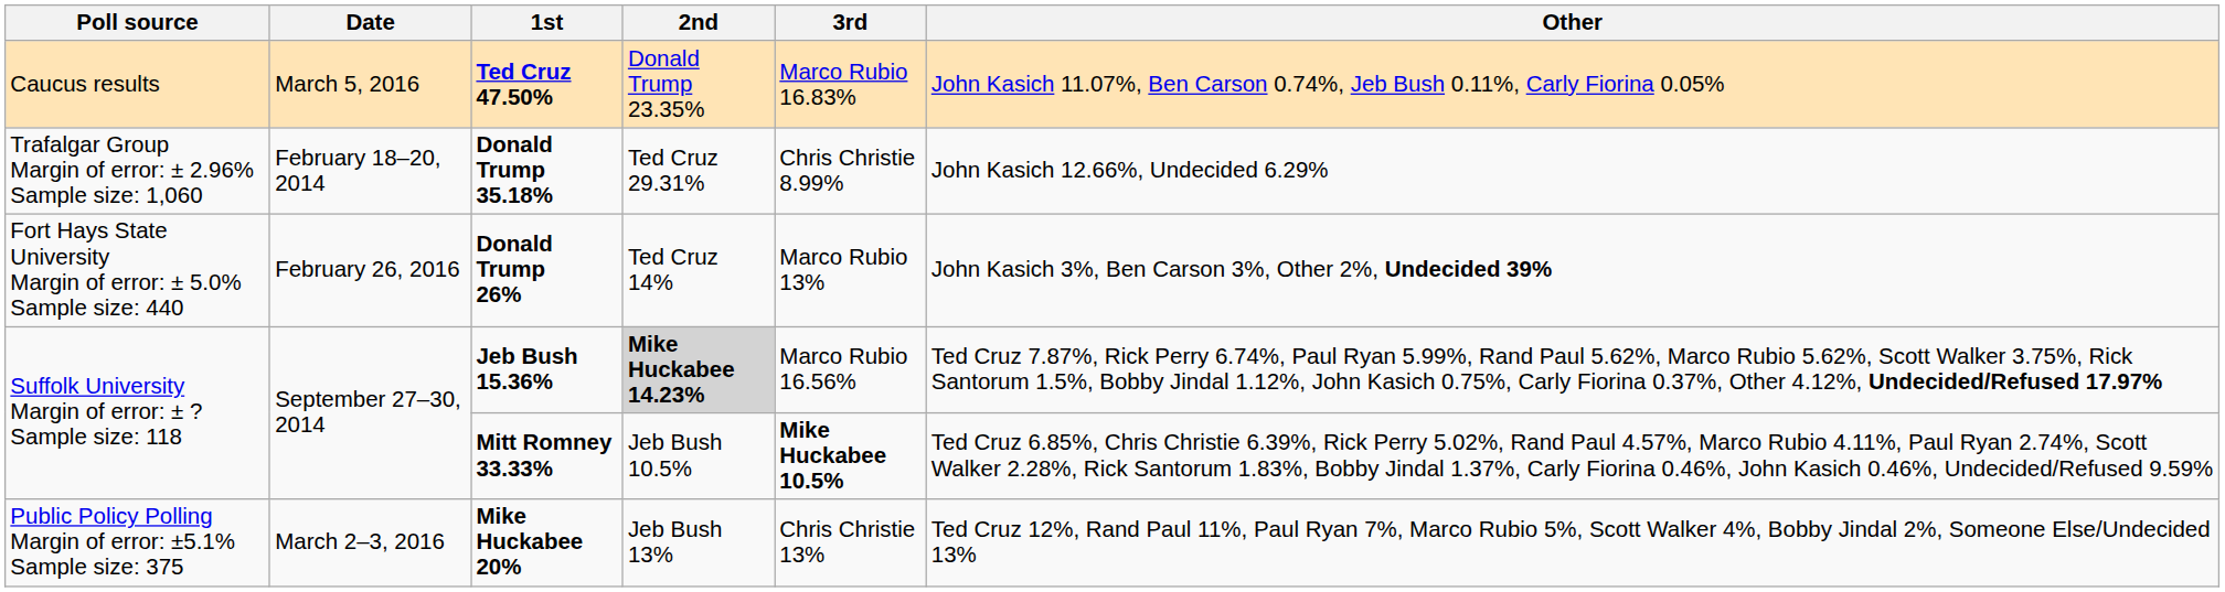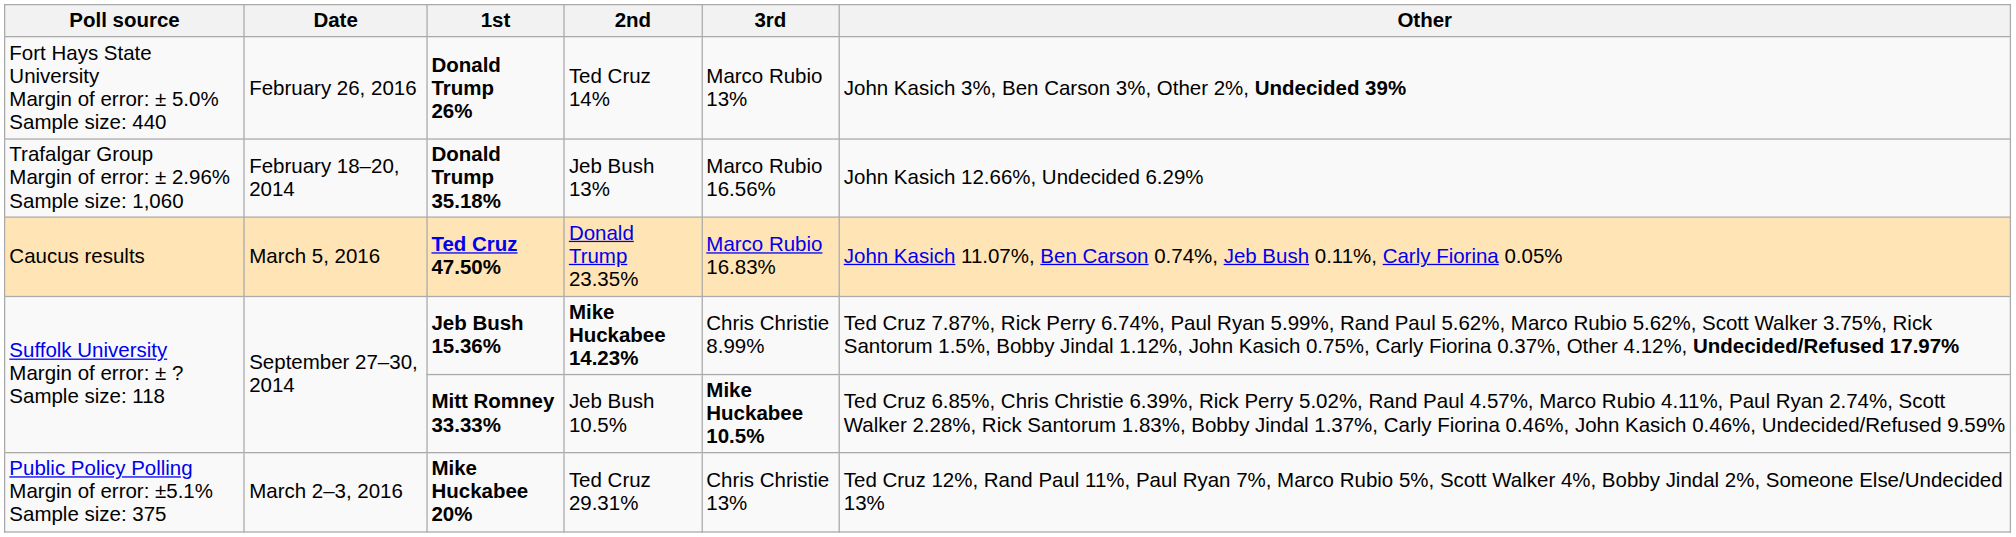 <table class="wikitable">
 <tr>
 <th style="width:180px;">Poll source</th>
 <th style="width:135px;">Date</th>
 <th style="width:100px;">1st</th>
 <th style="width:100px;">2nd</th>
 <th style="width:100px;">3rd</th>
 <th>Other</th>
+</tr>
+<tr>
+<td>Fort Hays State University<br>Margin of error: ± 5.0% <br>Sample size: 440</td>
+<td>February 26, 2016</td>
+<td><strong>Donald Trump<br>26%</strong></td>
+<td>Ted Cruz<br>14%</td>
+<td>Marco Rubio<br>13%</td>
+<td>John Kasich 3%, Ben Carson 3%, Other 2%, <span><strong>Undecided 39%</strong></span></td>
+</tr>
+<tr>
+<td>Trafalgar Group<br>Margin of error: ± 2.96% <br>Sample size: 1,060</td>
+<td>February 18–20, 2014</td>
+<td><strong>Donald Trump<br>35.18%</strong></td>
+<td>Jeb Bush<br>13%</td>
+<td>Marco Rubio<br>16.56%</td>
+<td>John Kasich 12.66%, Undecided 6.29%</td>
 </tr>
 <tr style="background:Moccasin;">
 <td>Caucus results</td>
 <td>March 5, 2016</td>
 <td><strong><a href='#'>Ted Cruz</a><br>47.50%</strong></td>
 <td><a href='#'>Donald Trump</a><br>23.35%</td>
 <td><a href='#'>Marco Rubio</a><br>16.83%</td>
 <td><a href='#'>John Kasich</a> 11.07%, <a href='#'>Ben Carson</a> 0.74%, <a href='#'>Jeb Bush</a> 0.11%, <a href='#'>Carly Fiorina</a> 0.05%</td>
 </tr>
 <tr>
-<td>Trafalgar Group<br>Margin of error: ± 2.96% <br>Sample size: 1,060</td>
-<td>February 18–20, 2014</td>
-<td><strong>Donald Trump<br>35.18%</strong></td>
-<td>Ted Cruz<br>29.31%</td>
-<td>Chris Christie<br>8.99%</td>
-<td>John Kasich 12.66%, Undecided 6.29%</td>
-</tr>
-<tr>
-<td>Fort Hays State University<br>Margin of error: ± 5.0% <br>Sample size: 440</td>
-<td>February 26, 2016</td>
-<td><strong>Donald Trump<br>26%</strong></td>
-<td>Ted Cruz<br>14%</td>
-<td>Marco Rubio<br>13%</td>
-<td>John Kasich 3%, Ben Carson 3%, Other 2%, <span><strong>Undecided 39%</strong></span></td>
-</tr>
-<tr>
 <td rowspan=2><a href='#'>Suffolk University</a><br>Margin of error: ± ? <br>Sample size: 118</td>
 <td rowspan=2>September 27–30, 2014</td>
 <td><strong>Jeb Bush<br>15.36%</strong></td>
-<td style="background: lightgrey;"><strong>Mike Huckabee<br>14.23%</strong></td>
-<td>Marco Rubio<br>16.56%</td>
+<td><strong>Mike Huckabee<br>14.23%</strong></td>
+<td>Chris Christie<br>8.99%</td>
 <td>Ted Cruz 7.87%, Rick Perry 6.74%, Paul Ryan 5.99%, Rand Paul 5.62%, Marco Rubio 5.62%, Scott Walker 3.75%, Rick Santorum 1.5%, Bobby Jindal 1.12%, John Kasich 0.75%, Carly Fiorina 0.37%, Other 4.12%, <span><strong>Undecided/Refused 17.97%</strong></span></td>
 </tr>
 <tr>
 <td><strong>Mitt Romney<br>33.33%</strong></td>
 <td>Jeb Bush<br>10.5%</td>
 <td><strong>Mike Huckabee<br>10.5%</strong></td>
 <td>Ted Cruz 6.85%, Chris Christie 6.39%, Rick Perry 5.02%, Rand Paul 4.57%, Marco Rubio 4.11%, Paul Ryan 2.74%, Scott Walker 2.28%, Rick Santorum 1.83%, Bobby Jindal 1.37%, Carly Fiorina 0.46%, John Kasich 0.46%, Undecided/Refused 9.59%</td>
 </tr>
 <tr>
 <td><a href='#'>Public Policy Polling</a><br>Margin of error: ±5.1% <br>Sample size: 375</td>
 <td>March 2–3, 2016</td>
 <td><strong>Mike Huckabee<br>20%</strong></td>
-<td>Jeb Bush<br>13%</td>
+<td>Ted Cruz<br>29.31%</td>
 <td>Chris Christie<br>13%</td>
 <td>Ted Cruz 12%, Rand Paul 11%, Paul Ryan 7%, Marco Rubio 5%, Scott Walker 4%, Bobby Jindal 2%, Someone Else/Undecided 13%</td>
 </tr>
 </table>
